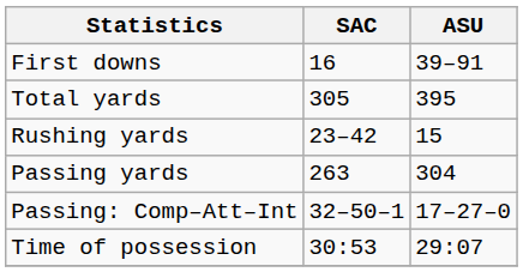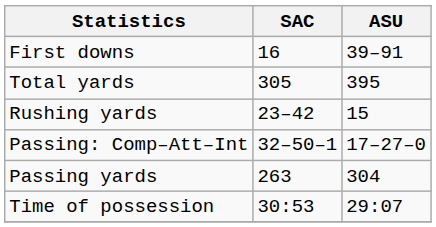 <table class="wikitable" style="float: left;">
 <tr>
 <th>Statistics</th>
 <th>SAC</th>
 <th>ASU</th>
 </tr>
 <tr>
 <td>First downs</td>
 <td>16</td>
 <td>39–91</td>
 </tr>
 <tr>
 <td>Total yards</td>
 <td>305</td>
 <td>395</td>
 </tr>
 <tr>
 <td>Rushing yards</td>
 <td>23–42</td>
 <td>15</td>
 </tr>
 <tr>
+<td>Passing: Comp–Att–Int</td>
+<td>32–50–1</td>
+<td>17–27–0</td>
+</tr>
+<tr>
 <td>Passing yards</td>
 <td>263</td>
 <td>304</td>
-</tr>
-<tr>
-<td>Passing: Comp–Att–Int</td>
-<td>32–50–1</td>
-<td>17–27–0</td>
 </tr>
 <tr>
 <td>Time of possession</td>
 <td>30:53</td>
 <td>29:07</td>
 </tr>
 <tr>
 </tr>
 </table>
